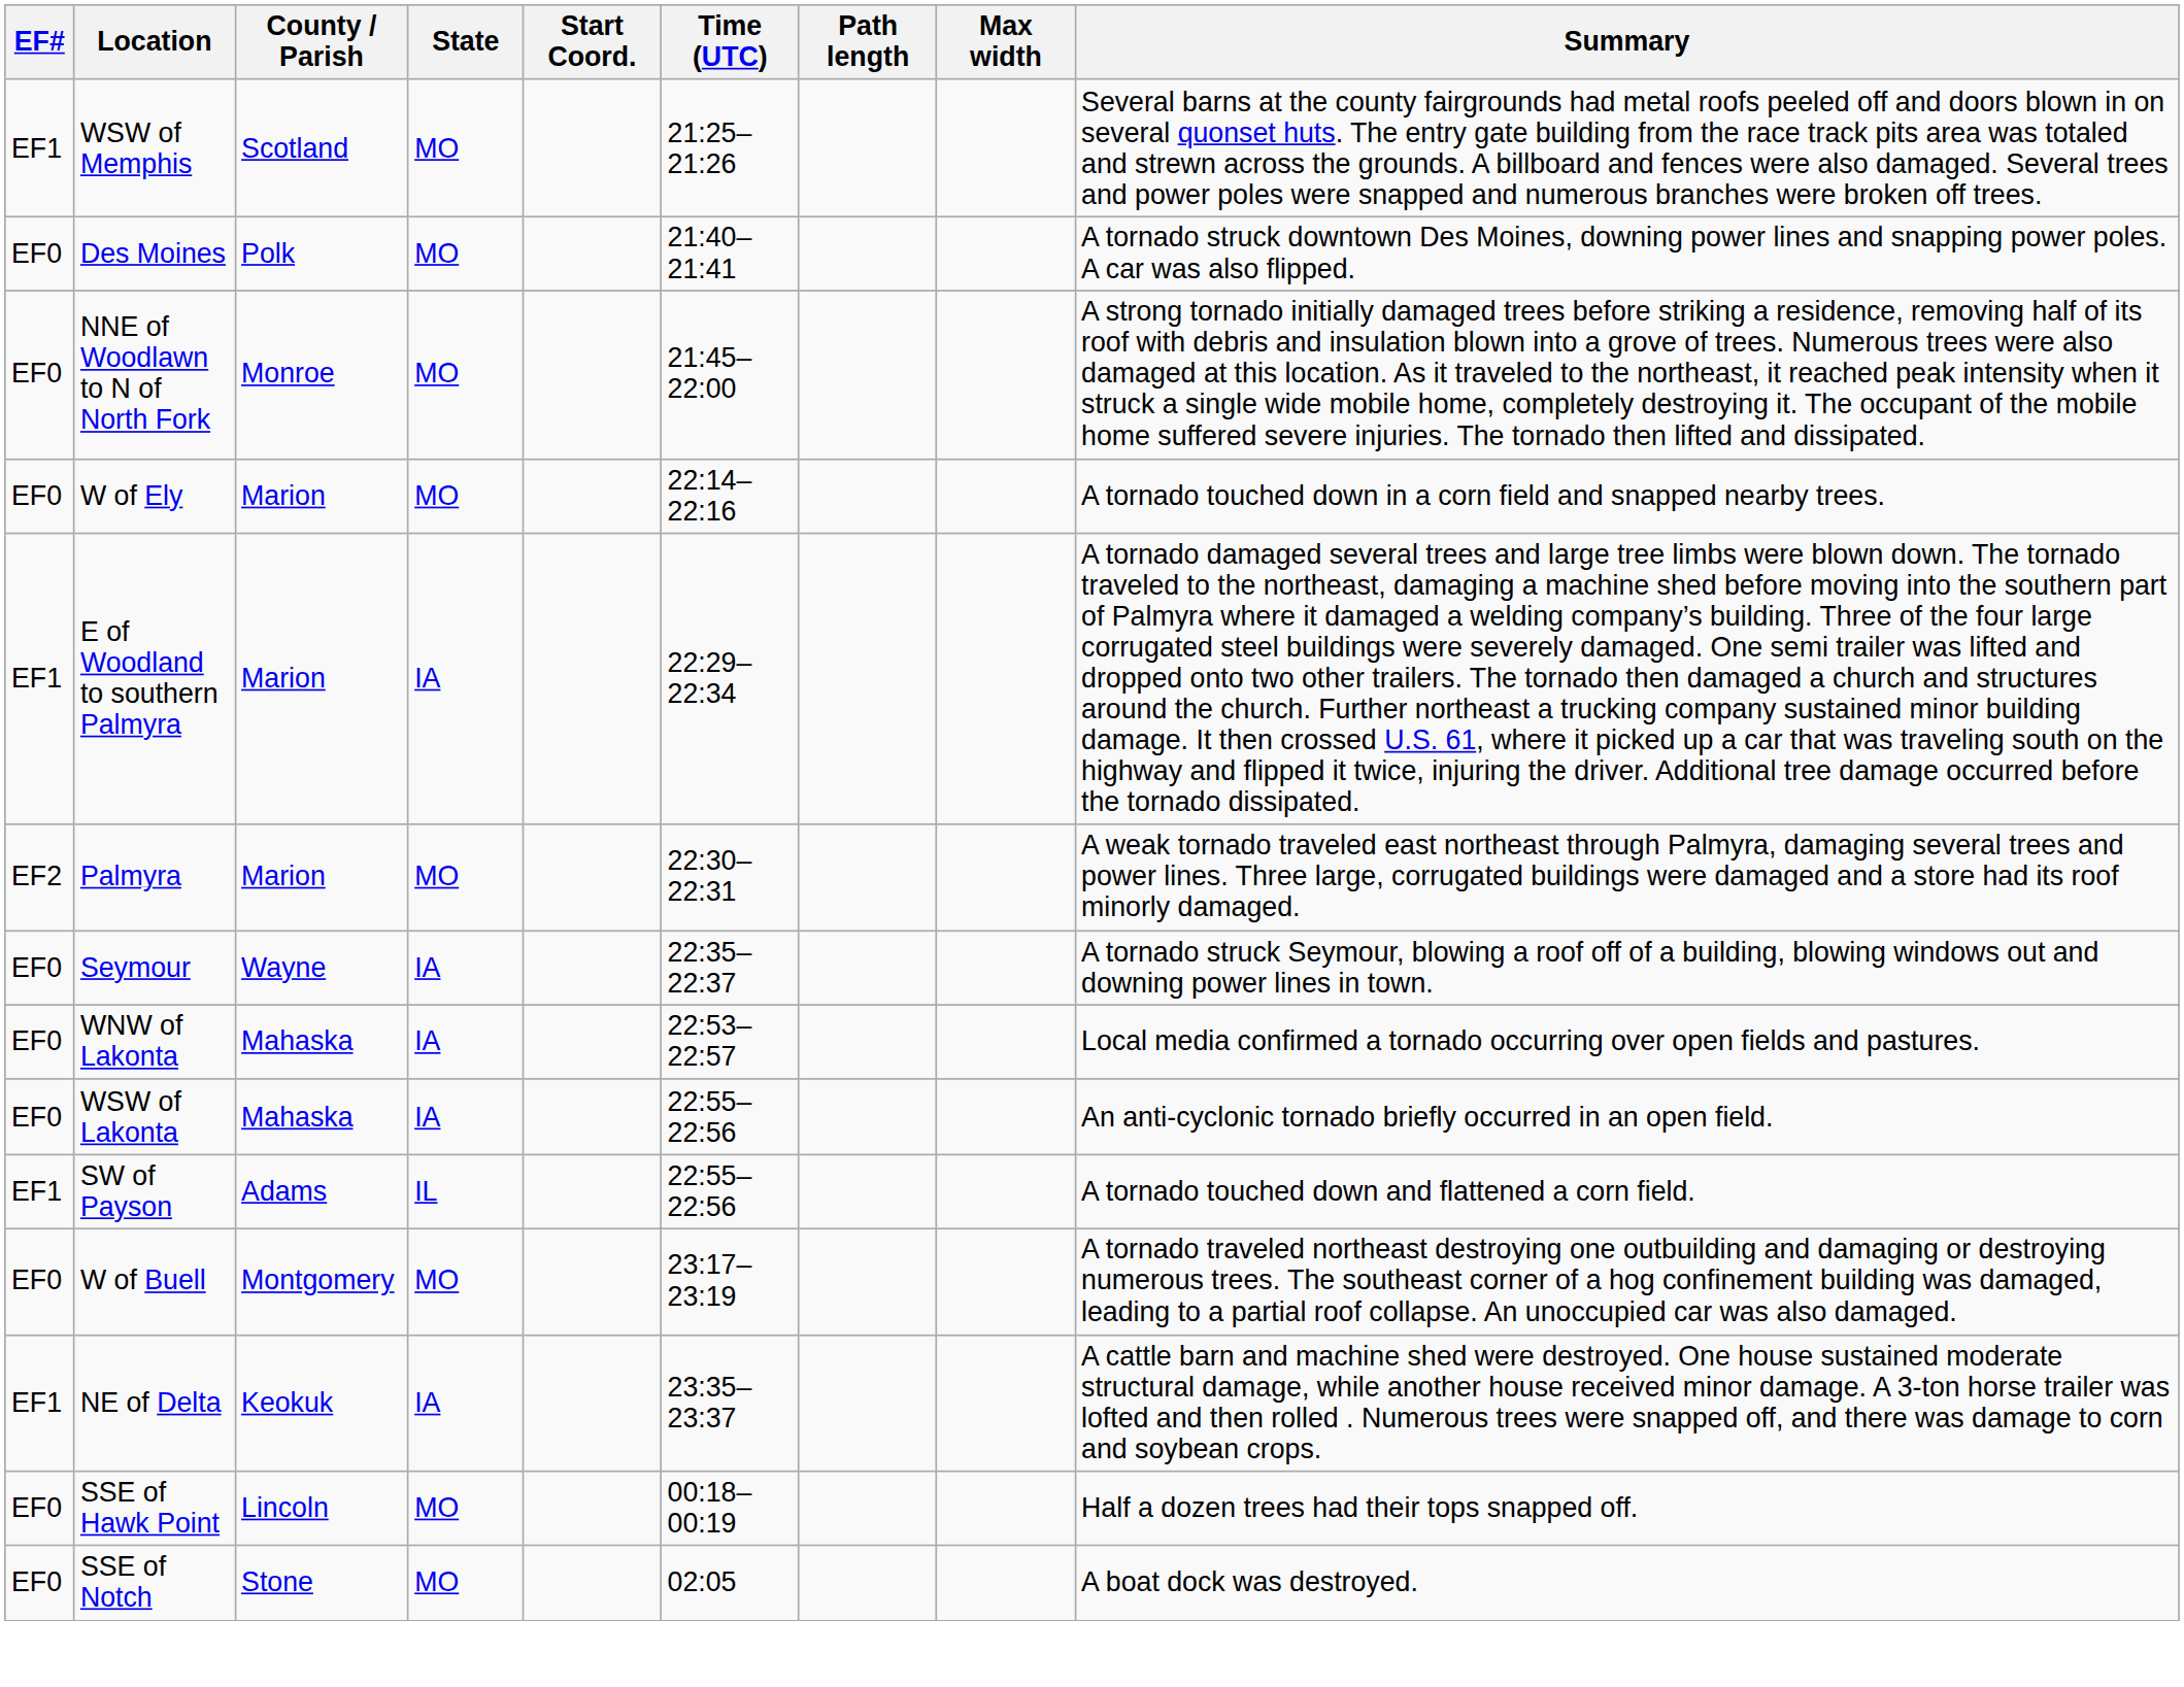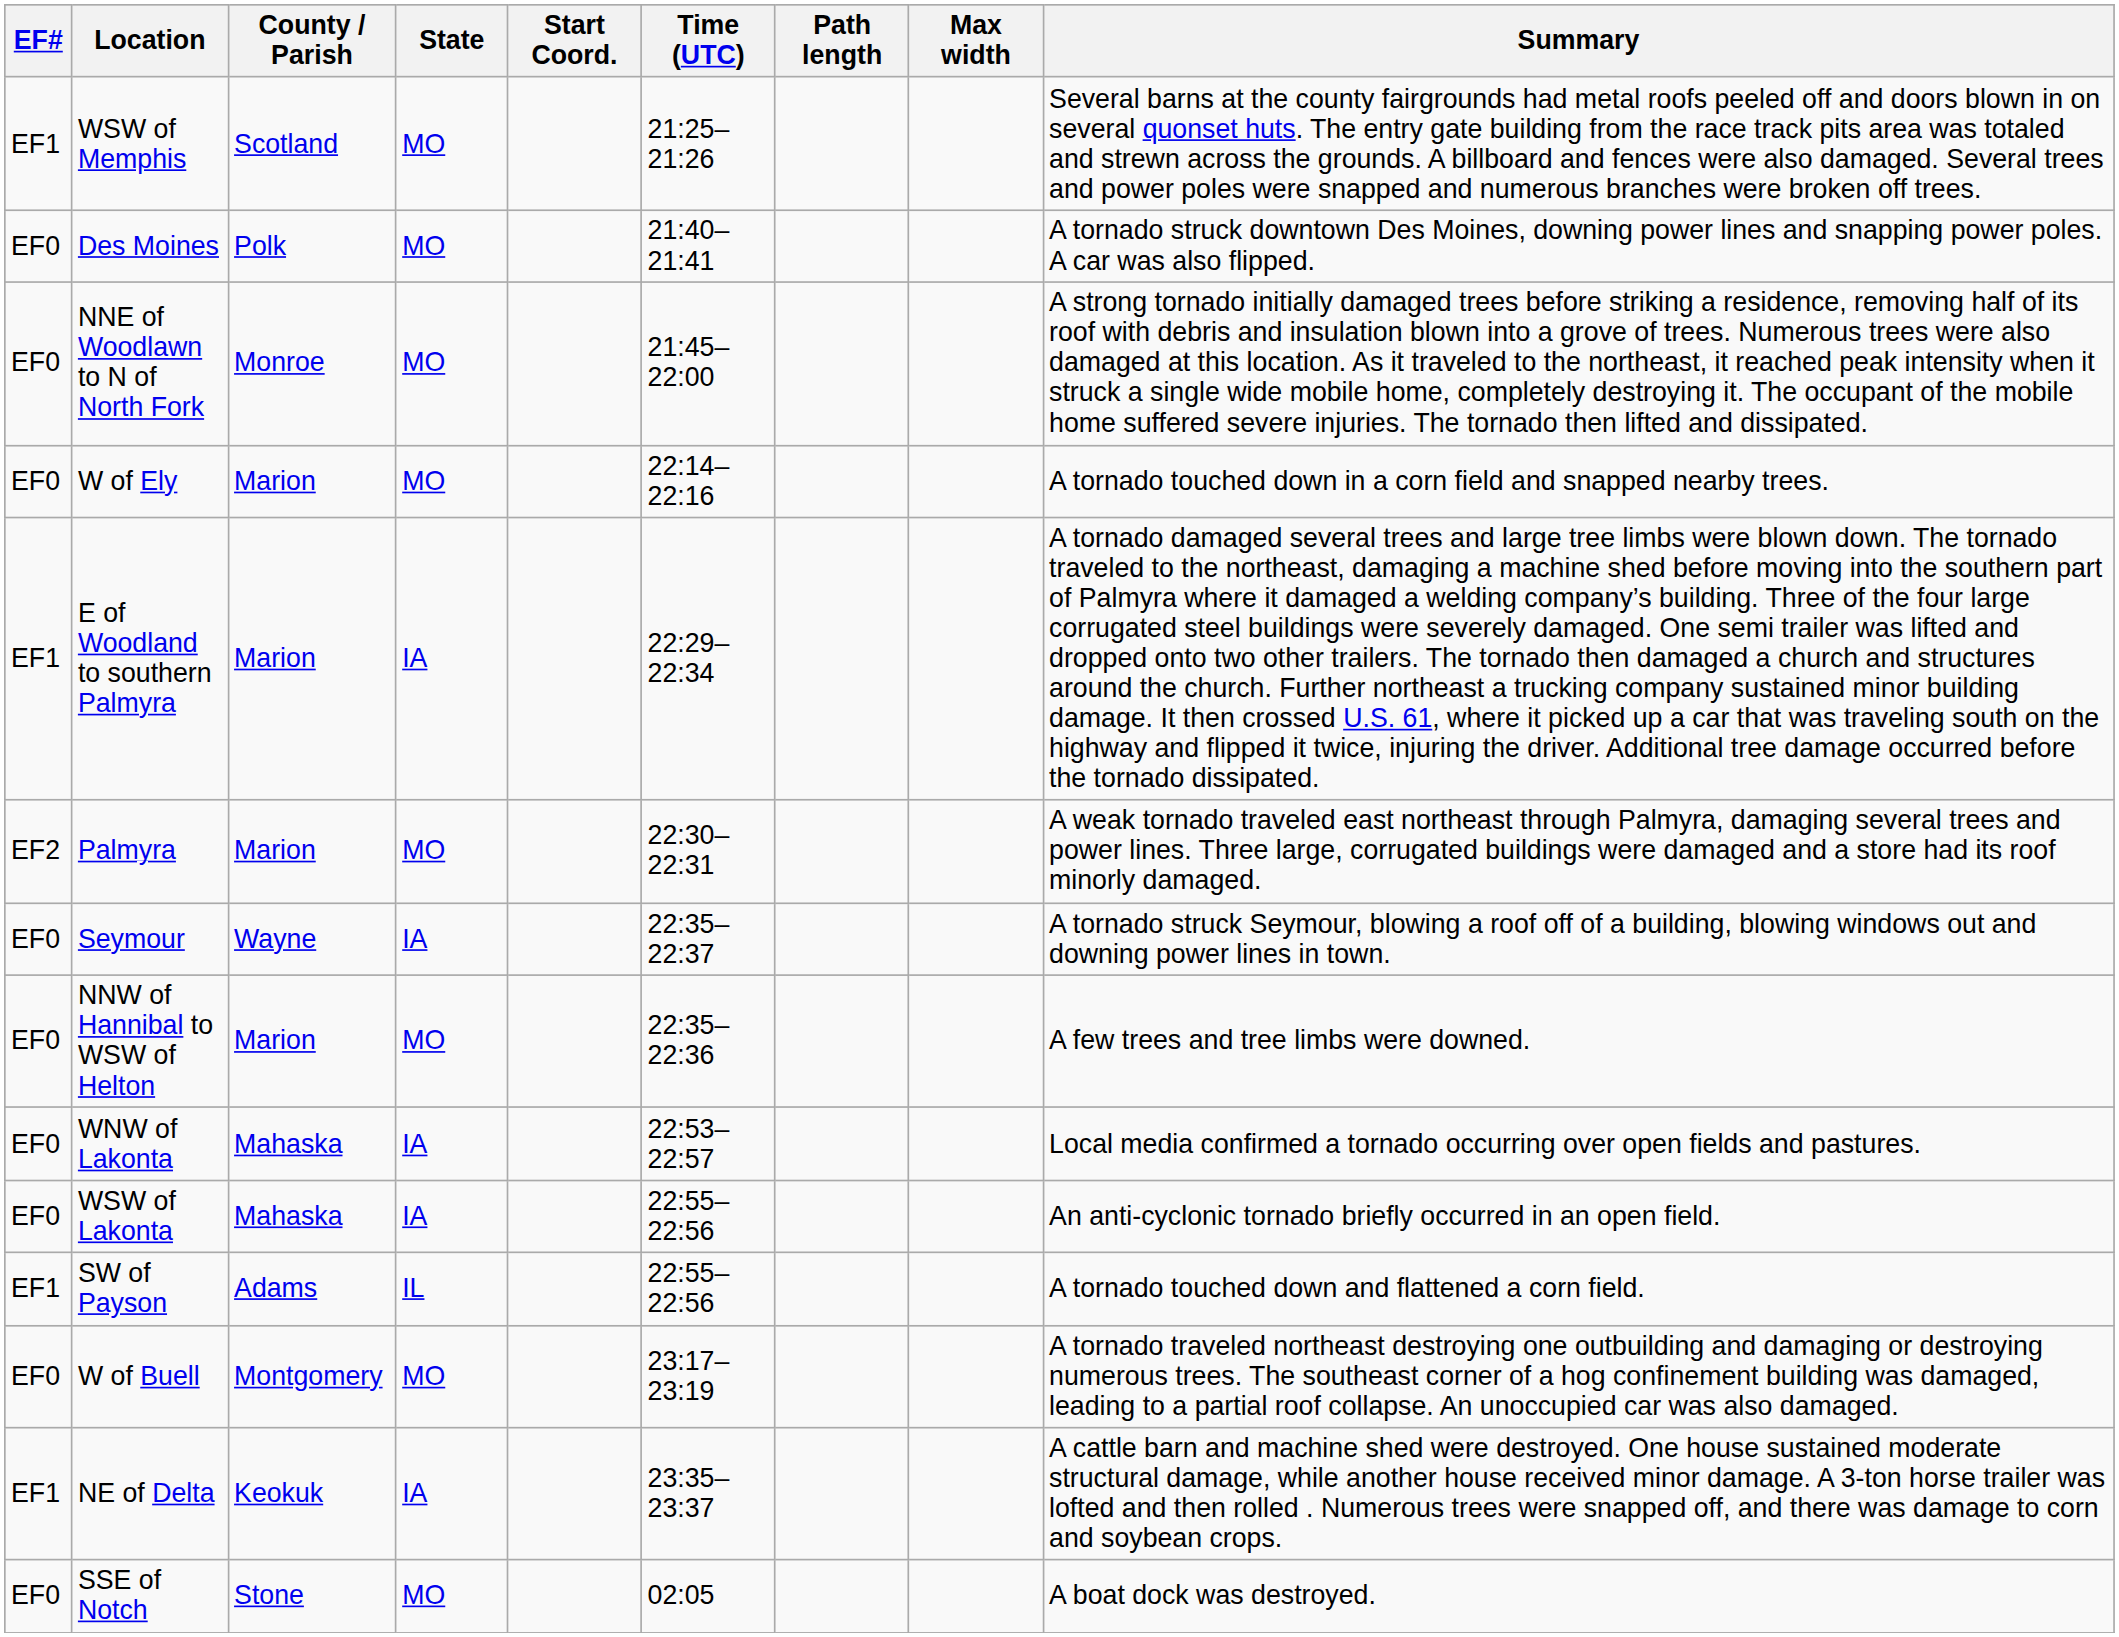 <table class="wikitable sortable" style="width:100%;">
 <tr>
 <th scope="col"  style="width:3%; text-align:center;"><a href='#'>EF#</a></th>
 <th scope="col"  style="width:7%; text-align:center;" class="unsortable">Location</th>
 <th scope="col"  style="width:6%; text-align:center;" class="unsortable">County / Parish</th>
 <th scope="col"  style="width:5%; text-align:center;">State</th>
 <th scope="col"  style="width:6%; text-align:center;">Start Coord.</th>
 <th scope="col"  style="width:6%; text-align:center;">Time (<a href='#'>UTC</a>)</th>
 <th scope="col"  style="width:6%; text-align:center;">Path length</th>
 <th scope="col"  style="width:6%; text-align:center;">Max width</th>
 <th scope="col" class="unsortable" style="width:48%; text-align:center;">Summary</th>
 </tr>
 <tr>
 <td>EF1</td>
 <td>WSW of <a href='#'>Memphis</a></td>
 <td><a href='#'>Scotland</a></td>
 <td><a href='#'>MO</a></td>
 <td></td>
 <td>21:25–21:26</td>
 <td></td>
 <td></td>
 <td>Several barns at the county fairgrounds had metal roofs peeled off and doors blown in on several <a href='#'>quonset huts</a>. The entry gate building from the race track pits area was totaled and strewn across the grounds. A billboard and fences were also damaged. Several trees and power poles were snapped and numerous branches were broken off trees.</td>
 </tr>
 <tr>
 <td>EF0</td>
 <td><a href='#'>Des Moines</a></td>
 <td><a href='#'>Polk</a></td>
 <td><a href='#'>MO</a></td>
 <td></td>
 <td>21:40–21:41</td>
 <td></td>
 <td></td>
 <td>A tornado struck downtown Des Moines, downing power lines and snapping power poles. A car was also flipped.</td>
 </tr>
 <tr>
 <td>EF0</td>
 <td>NNE of <a href='#'>Woodlawn</a> to N of <a href='#'>North Fork</a></td>
 <td><a href='#'>Monroe</a></td>
 <td><a href='#'>MO</a></td>
 <td></td>
 <td>21:45–22:00</td>
 <td></td>
 <td></td>
 <td>A strong tornado initially damaged trees before striking a residence, removing half of its roof with debris and insulation blown  into a grove of trees. Numerous trees were also damaged at this location. As it traveled to the northeast, it reached peak intensity when it struck a single wide mobile home, completely destroying it. The occupant of the mobile home suffered severe injuries. The tornado then lifted and dissipated.</td>
 </tr>
 <tr>
 <td>EF0</td>
 <td>W of <a href='#'>Ely</a></td>
 <td><a href='#'>Marion</a></td>
 <td><a href='#'>MO</a></td>
 <td></td>
 <td>22:14–22:16</td>
 <td></td>
 <td></td>
 <td>A tornado touched down in a corn field and snapped nearby trees.</td>
 </tr>
 <tr>
 <td>EF1</td>
 <td>E of <a href='#'>Woodland</a> to southern <a href='#'>Palmyra</a></td>
 <td><a href='#'>Marion</a></td>
 <td><a href='#'>IA</a></td>
 <td></td>
 <td>22:29–22:34</td>
 <td></td>
 <td></td>
 <td>A tornado damaged several trees and large tree limbs were blown down. The tornado traveled to the northeast, damaging a machine shed before moving into the southern part of Palmyra where it damaged a welding company’s building. Three of the four large corrugated steel buildings were severely damaged. One semi trailer was lifted and dropped onto two other trailers. The tornado then damaged a church and structures around the church. Further northeast a trucking company sustained minor building damage. It then crossed <a href='#'>U.S. 61</a>, where it picked up a car that was traveling south on the highway and flipped it twice, injuring the driver. Additional tree damage occurred before the tornado dissipated.</td>
 </tr>
 <tr>
 <td>EF2</td>
 <td><a href='#'>Palmyra</a></td>
 <td><a href='#'>Marion</a></td>
 <td><a href='#'>MO</a></td>
 <td></td>
 <td>22:30–22:31</td>
 <td></td>
 <td></td>
 <td>A weak tornado traveled east northeast through Palmyra, damaging several trees and power lines. Three large, corrugated buildings were damaged and a store had its roof minorly damaged.</td>
 </tr>
 <tr>
 <td>EF0</td>
 <td><a href='#'>Seymour</a></td>
 <td><a href='#'>Wayne</a></td>
 <td><a href='#'>IA</a></td>
 <td></td>
 <td>22:35–22:37</td>
 <td></td>
 <td></td>
 <td>A tornado struck Seymour, blowing a roof off of a building, blowing windows out and downing power lines in town.</td>
 </tr>
 <tr>
 <td>EF0</td>
+<td>NNW of <a href='#'>Hannibal</a> to WSW of <a href='#'>Helton</a></td>
+<td><a href='#'>Marion</a></td>
+<td><a href='#'>MO</a></td>
+<td></td>
+<td>22:35–22:36</td>
+<td></td>
+<td></td>
+<td>A few trees and tree limbs were downed.</td>
+</tr>
+<tr>
+<td>EF0</td>
 <td>WNW of <a href='#'>Lakonta</a></td>
 <td><a href='#'>Mahaska</a></td>
 <td><a href='#'>IA</a></td>
 <td></td>
 <td>22:53–22:57</td>
 <td></td>
 <td></td>
 <td>Local media confirmed a tornado occurring over open fields and pastures.</td>
 </tr>
 <tr>
 <td>EF0</td>
 <td>WSW of <a href='#'>Lakonta</a></td>
 <td><a href='#'>Mahaska</a></td>
 <td><a href='#'>IA</a></td>
 <td></td>
 <td>22:55–22:56</td>
 <td></td>
 <td></td>
 <td>An anti-cyclonic tornado briefly occurred in an open field.</td>
 </tr>
 <tr>
 <td>EF1</td>
 <td>SW of <a href='#'>Payson</a></td>
 <td><a href='#'>Adams</a></td>
 <td><a href='#'>IL</a></td>
 <td></td>
 <td>22:55–22:56</td>
 <td></td>
 <td></td>
 <td>A tornado touched down and flattened a corn field.</td>
 </tr>
 <tr>
 <td>EF0</td>
 <td>W of <a href='#'>Buell</a></td>
 <td><a href='#'>Montgomery</a></td>
 <td><a href='#'>MO</a></td>
 <td></td>
 <td>23:17–23:19</td>
 <td></td>
 <td></td>
 <td>A tornado traveled  northeast destroying one outbuilding and damaging or destroying numerous trees. The southeast corner of a hog confinement building was damaged, leading to a partial roof collapse. An unoccupied car was also damaged.</td>
 </tr>
 <tr>
 <td>EF1</td>
 <td>NE of <a href='#'>Delta</a></td>
 <td><a href='#'>Keokuk</a></td>
 <td><a href='#'>IA</a></td>
 <td></td>
 <td>23:35–23:37</td>
 <td></td>
 <td></td>
 <td>A cattle barn and machine shed were destroyed. One house sustained moderate structural damage, while another house received minor damage. A 3-ton horse trailer was lofted and then rolled . Numerous trees were snapped off, and there was damage to corn and soybean crops.</td>
 </tr>
 <tr>
 <td>EF0</td>
-<td>SSE of <a href='#'>Hawk Point</a></td>
-<td><a href='#'>Lincoln</a></td>
-<td><a href='#'>MO</a></td>
-<td></td>
-<td>00:18–00:19</td>
-<td></td>
-<td></td>
-<td>Half a dozen trees had their tops snapped off.</td>
-</tr>
-<tr>
-<td>EF0</td>
 <td>SSE of <a href='#'>Notch</a></td>
 <td><a href='#'>Stone</a></td>
 <td><a href='#'>MO</a></td>
 <td></td>
 <td>02:05</td>
 <td></td>
 <td></td>
 <td>A boat dock was destroyed.</td>
 </tr>
 <tr>
 </tr>
 </table>
